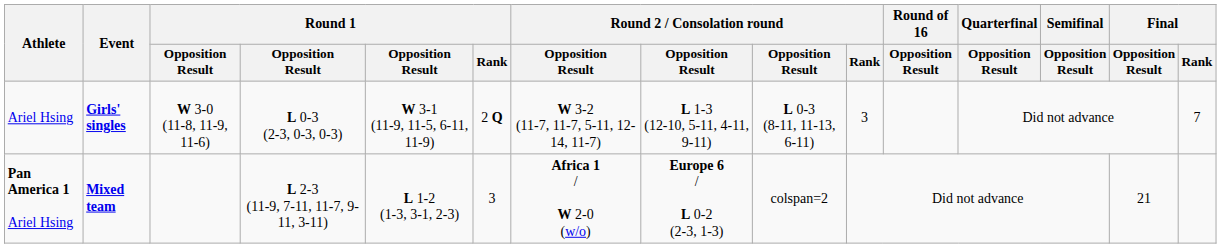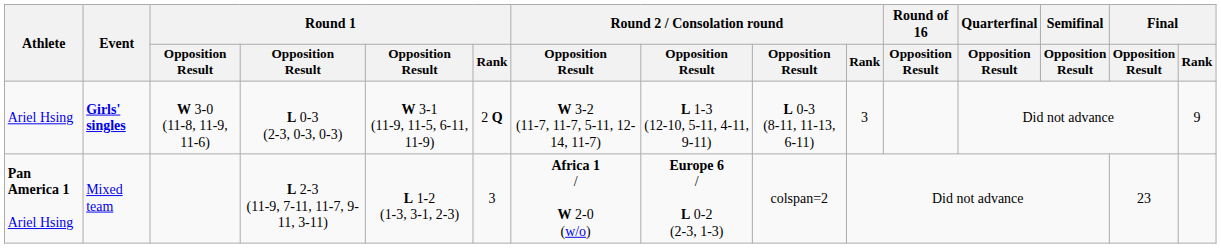 <table class=wikitable style=font-size:90%;text-align:center>
 <tr>
 <th rowspan=2>Athlete</th>
 <th rowspan=2>Event</th>
 <th colspan=4>Round 1</th>
 <th colspan=4>Round 2 / Consolation round</th>
 <th>Round of 16</th>
 <th>Quarterfinal</th>
 <th>Semifinal</th>
 <th colspan=2>Final</th>
 </tr>
 <tr style=font-size:95%>
 <th>Opposition<br>Result</th>
 <th>Opposition<br>Result</th>
 <th>Opposition<br>Result</th>
 <th>Rank</th>
 <th>Opposition<br>Result</th>
 <th>Opposition<br>Result</th>
 <th>Opposition<br>Result</th>
 <th>Rank</th>
 <th>Opposition<br>Result</th>
 <th>Opposition<br>Result</th>
 <th>Opposition<br>Result</th>
 <th>Opposition<br>Result</th>
 <th>Rank</th>
 </tr>
 <tr>
 <td align=left><a href='#'>Ariel Hsing</a></td>
 <td align=left><strong><a href='#'>Girls' singles</a></strong></td>
 <td> <br> <strong>W</strong> 3-0 <br> (11-8, 11-9, 11-6)</td>
 <td><br> <strong>L</strong> 0-3 <br> (2-3, 0-3, 0-3)</td>
 <td> <br> <strong>W</strong> 3-1 <br> (11-9, 11-5, 6-11, 11-9)</td>
 <td>2 <strong>Q</strong></td>
 <td> <br> <strong>W</strong> 3-2 <br> (11-7, 11-7, 5-11, 12-14, 11-7)</td>
 <td> <br> <strong>L</strong> 1-3 <br> (12-10, 5-11, 4-11, 9-11)</td>
 <td> <br> <strong>L</strong> 0-3 <br> (8-11, 11-13, 6-11)</td>
 <td>3</td>
 <td></td>
 <td colspan=3>Did not advance</td>
-<td>7</td>
+<td>9</td>
 </tr>
 <tr>
 <td align=left><strong>Pan America 1</strong><br><br><a href='#'>Ariel Hsing</a></td>
-<td align=left><strong><a href='#'>Mixed team</a></strong></td>
+<td align=left><a href='#'>Mixed team</a></td>
 <td></td>
 <td> <br> <strong>L</strong> 2-3 <br> (11-9, 7-11, 11-7, 9-11, 3-11)</td>
 <td><br> <strong>L</strong> 1-2 <br> (1-3, 3-1, 2-3)</td>
 <td>3</td>
 <td><strong>Africa 1</strong><br> /<br><br> <strong>W</strong> 2-0 <br> (<a href='#'>w/o</a>)</td>
 <td><strong>Europe 6</strong><br> /<br><br> <strong>L</strong> 0-2 <br> (2-3, 1-3)</td>
 <td>colspan=2 </td>
 <td colspan=4>Did not advance</td>
-<td>21</td>
+<td>23</td>
 </tr>
 </table>
